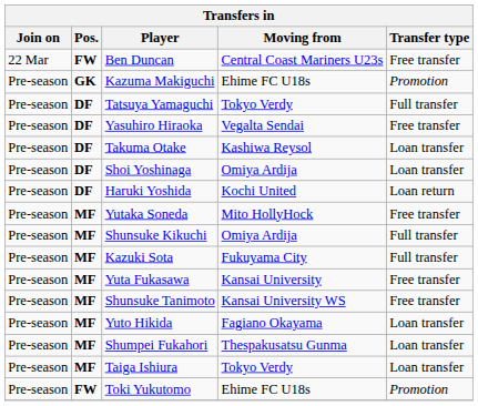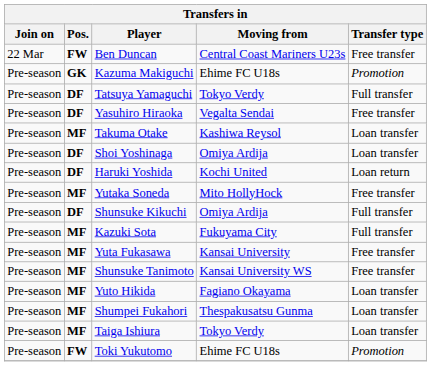 <table class="wikitable sortable" style=“text-align:left;>
 <tr>
 <th colspan="5">Transfers in</th>
 </tr>
 <tr>
 <th>Join on</th>
 <th>Pos.</th>
 <th>Player</th>
 <th>Moving from</th>
 <th>Transfer type</th>
 </tr>
 <tr>
 <td>22 Mar</td>
 <td><strong>FW</strong></td>
 <td> <a href='#'>Ben Duncan</a></td>
 <td> <a href='#'>Central Coast Mariners U23s</a></td>
 <td>Free transfer</td>
 </tr>
 <tr>
 <td>Pre-season</td>
 <td><strong>GK</strong></td>
 <td> <a href='#'>Kazuma Makiguchi</a></td>
 <td>Ehime FC U18s</td>
 <td><em>Promotion</em></td>
 </tr>
 <tr>
 <td>Pre-season</td>
 <td><strong>DF</strong></td>
 <td> <a href='#'>Tatsuya Yamaguchi</a></td>
 <td> <a href='#'>Tokyo Verdy</a></td>
 <td>Full transfer</td>
 </tr>
 <tr>
 <td>Pre-season</td>
 <td><strong>DF</strong></td>
 <td> <a href='#'>Yasuhiro Hiraoka</a></td>
 <td> <a href='#'>Vegalta Sendai</a></td>
 <td>Free transfer</td>
 </tr>
 <tr>
 <td>Pre-season</td>
-<td><strong>DF</strong></td>
+<td><strong>MF</strong></td>
 <td> <a href='#'>Takuma Otake</a></td>
 <td> <a href='#'>Kashiwa Reysol</a></td>
 <td>Loan transfer</td>
 </tr>
 <tr>
 <td>Pre-season</td>
 <td><strong>DF</strong></td>
 <td> <a href='#'>Shoi Yoshinaga</a></td>
 <td> <a href='#'>Omiya Ardija</a></td>
 <td>Loan transfer</td>
 </tr>
 <tr>
 <td>Pre-season</td>
 <td><strong>DF</strong></td>
 <td> <a href='#'>Haruki Yoshida</a></td>
 <td> <a href='#'>Kochi United</a></td>
 <td>Loan return</td>
 </tr>
 <tr>
 <td>Pre-season</td>
 <td><strong>MF</strong></td>
 <td> <a href='#'>Yutaka Soneda</a></td>
 <td> <a href='#'>Mito HollyHock</a></td>
 <td>Free transfer</td>
 </tr>
 <tr>
 <td>Pre-season</td>
-<td><strong>MF</strong></td>
+<td><strong>DF</strong></td>
 <td> <a href='#'>Shunsuke Kikuchi</a></td>
 <td> <a href='#'>Omiya Ardija</a></td>
 <td>Full transfer</td>
 </tr>
 <tr>
 <td>Pre-season</td>
 <td><strong>MF</strong></td>
 <td> <a href='#'>Kazuki Sota</a></td>
 <td> <a href='#'>Fukuyama City</a></td>
 <td>Full transfer</td>
 </tr>
 <tr>
 <td>Pre-season</td>
 <td><strong>MF</strong></td>
 <td> <a href='#'>Yuta Fukasawa</a></td>
 <td> <a href='#'>Kansai University</a></td>
 <td>Free transfer</td>
 </tr>
 <tr>
 <td>Pre-season</td>
 <td><strong>MF</strong></td>
 <td> <a href='#'>Shunsuke Tanimoto</a></td>
 <td> <a href='#'>Kansai University WS</a></td>
 <td>Free transfer</td>
 </tr>
 <tr>
 <td>Pre-season</td>
 <td><strong>MF</strong></td>
 <td> <a href='#'>Yuto Hikida</a></td>
 <td> <a href='#'>Fagiano Okayama</a></td>
 <td>Loan transfer</td>
 </tr>
 <tr>
 <td>Pre-season</td>
 <td><strong>MF</strong></td>
 <td> <a href='#'>Shumpei Fukahori</a></td>
 <td> <a href='#'>Thespakusatsu Gunma</a></td>
 <td>Loan transfer</td>
 </tr>
 <tr>
 <td>Pre-season</td>
 <td><strong>MF</strong></td>
 <td> <a href='#'>Taiga Ishiura</a></td>
 <td> <a href='#'>Tokyo Verdy</a></td>
 <td>Loan transfer</td>
 </tr>
 <tr>
 <td>Pre-season</td>
 <td><strong>FW</strong></td>
 <td> <a href='#'>Toki Yukutomo</a></td>
 <td>Ehime FC U18s</td>
 <td><em>Promotion</em></td>
 </tr>
 <tr>
 </tr>
 </table>
